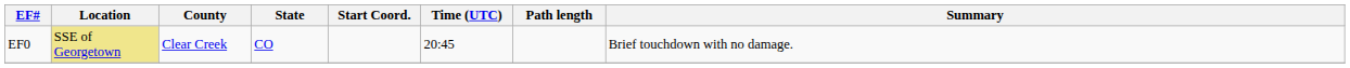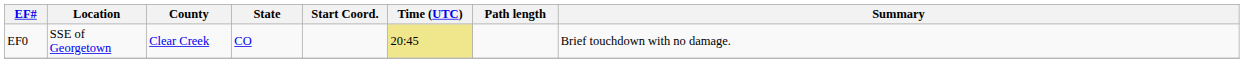 <table class="wikitable sortable" style="width:100%;">
 <tr>
 <th scope="col"  style="width:3%; text-align:center;"><a href='#'>EF#</a></th>
 <th scope="col"  style="width:7%; text-align:center;" class="unsortable">Location</th>
 <th scope="col"  style="width:6%; text-align:center;" class="unsortable">County</th>
 <th scope="col"  style="width:5%; text-align:center;">State</th>
 <th scope="col"  style="width:6%; text-align:center;">Start Coord.</th>
 <th scope="col"  style="width:6%; text-align:center;">Time (<a href='#'>UTC</a>)</th>
 <th scope="col"  style="width:6%; text-align:center;">Path length</th>
 <th scope="col" class="unsortable" style="width:48%; text-align:center;">Summary</th>
 </tr>
 <tr>
 <td>EF0</td>
-<td style="background: khaki;">SSE of <a href='#'>Georgetown</a></td>
+<td>SSE of <a href='#'>Georgetown</a></td>
 <td><a href='#'>Clear Creek</a></td>
 <td><a href='#'>CO</a></td>
 <td></td>
-<td>20:45</td>
+<td style="background: khaki;">20:45</td>
 <td></td>
 <td>Brief touchdown with no damage.</td>
 </tr>
 <tr>
 </tr>
 </table>
